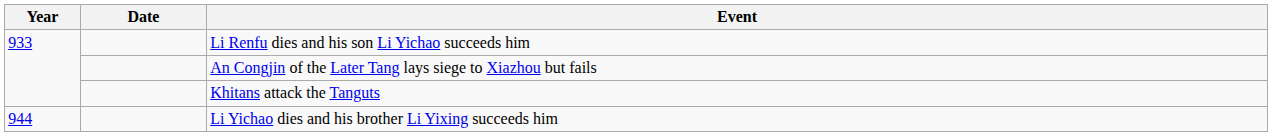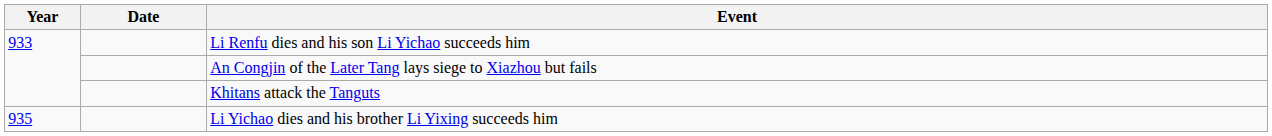 <table class="wikitable" width="100%">
 <tr>
 <th style="width:6%">Year</th>
 <th style="width:10%">Date</th>
 <th>Event</th>
 </tr>
 <tr>
 <td rowspan="3" valign="top"><a href='#'>933</a></td>
 <td></td>
 <td><a href='#'>Li Renfu</a> dies and his son <a href='#'>Li Yichao</a> succeeds him</td>
 </tr>
 <tr>
 <td></td>
 <td><a href='#'>An Congjin</a> of the <a href='#'>Later Tang</a> lays siege to <a href='#'>Xiazhou</a> but fails</td>
 </tr>
 <tr>
 <td></td>
 <td><a href='#'>Khitans</a> attack the <a href='#'>Tanguts</a></td>
 </tr>
 <tr>
-<td><a href='#'>944</a></td>
+<td><a href='#'>935</a></td>
 <td></td>
 <td><a href='#'>Li Yichao</a> dies and his brother <a href='#'>Li Yixing</a> succeeds him</td>
 </tr>
 </table>
